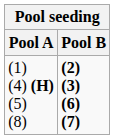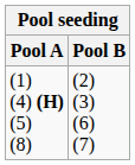 <table class="wikitable collapsible">
 <tr>
 <th colspan=2>Pool seeding</th>
 </tr>
 <tr>
 <th>Pool A</th>
 <th>Pool B</th>
 </tr>
 <tr>
 <td valign=top> (1)<br> (4) <strong>(H)</strong><br> (5)<br> (8)</td>
-<td valign=top><strong> (2) <br> (3)<br> (6)<br> (7)</strong></td>
+<td valign=top> (2) <br> (3)<br> (6)<br> (7)</td>
 </tr>
 </table>
